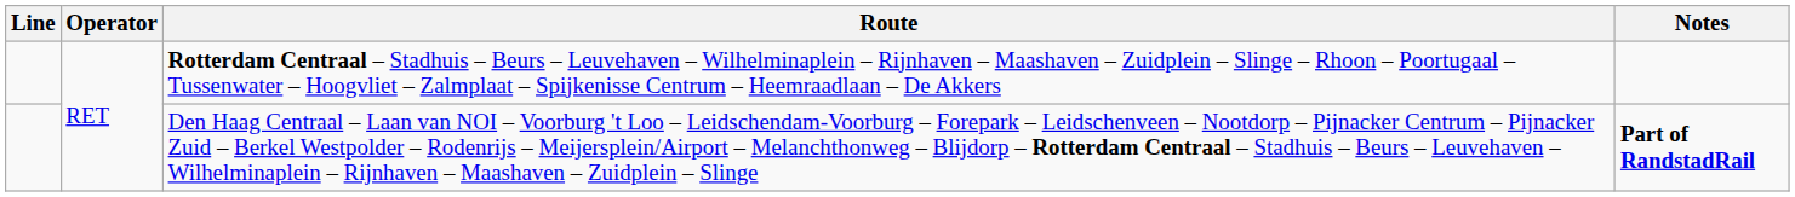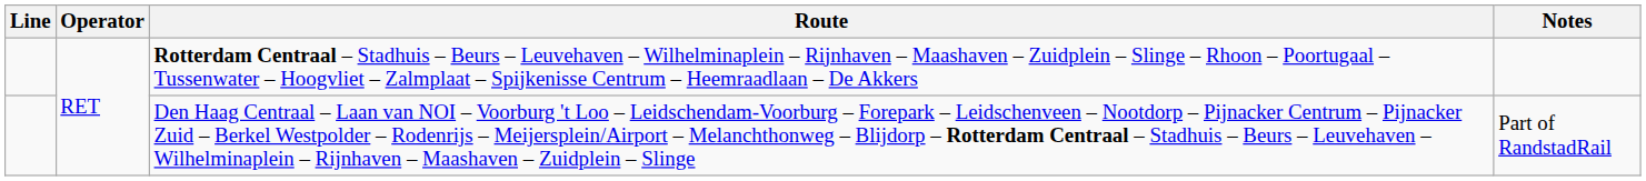 <table class="wikitable">
 <tr>
 <th>Line</th>
 <th>Operator</th>
 <th>Route</th>
 <th>Notes</th>
 </tr>
 <tr>
 <td></td>
 <td rowspan="2"><a href='#'>RET</a></td>
 <td><strong>Rotterdam Centraal</strong> – <a href='#'>Stadhuis</a> – <a href='#'>Beurs</a> – <a href='#'>Leuvehaven</a> – <a href='#'>Wilhelminaplein</a> – <a href='#'>Rijnhaven</a> – <a href='#'>Maashaven</a> – <a href='#'>Zuidplein</a> – <a href='#'>Slinge</a> – <a href='#'>Rhoon</a> – <a href='#'>Poortugaal</a> – <a href='#'>Tussenwater</a> – <a href='#'>Hoogvliet</a> – <a href='#'>Zalmplaat</a> – <a href='#'>Spijkenisse Centrum</a> – <a href='#'>Heemraadlaan</a> – <a href='#'>De Akkers</a></td>
 <td></td>
 </tr>
 <tr>
 <td></td>
 <td><a href='#'>Den Haag Centraal</a> – <a href='#'>Laan van NOI</a> – <a href='#'>Voorburg 't Loo</a> – <a href='#'>Leidschendam-Voorburg</a> – <a href='#'>Forepark</a> – <a href='#'>Leidschenveen</a> – <a href='#'>Nootdorp</a> – <a href='#'>Pijnacker Centrum</a> – <a href='#'>Pijnacker Zuid</a> – <a href='#'>Berkel Westpolder</a> – <a href='#'>Rodenrijs</a> – <a href='#'>Meijersplein/Airport</a> – <a href='#'>Melanchthonweg</a> – <a href='#'>Blijdorp</a> – <strong>Rotterdam Centraal</strong> – <a href='#'>Stadhuis</a> – <a href='#'>Beurs</a> – <a href='#'>Leuvehaven</a> – <a href='#'>Wilhelminaplein</a> – <a href='#'>Rijnhaven</a> – <a href='#'>Maashaven</a> – <a href='#'>Zuidplein</a> – <a href='#'>Slinge</a></td>
-<td><strong>Part of <a href='#'>RandstadRail</a></strong></td>
+<td>Part of <a href='#'>RandstadRail</a></td>
 </tr>
 </table>
